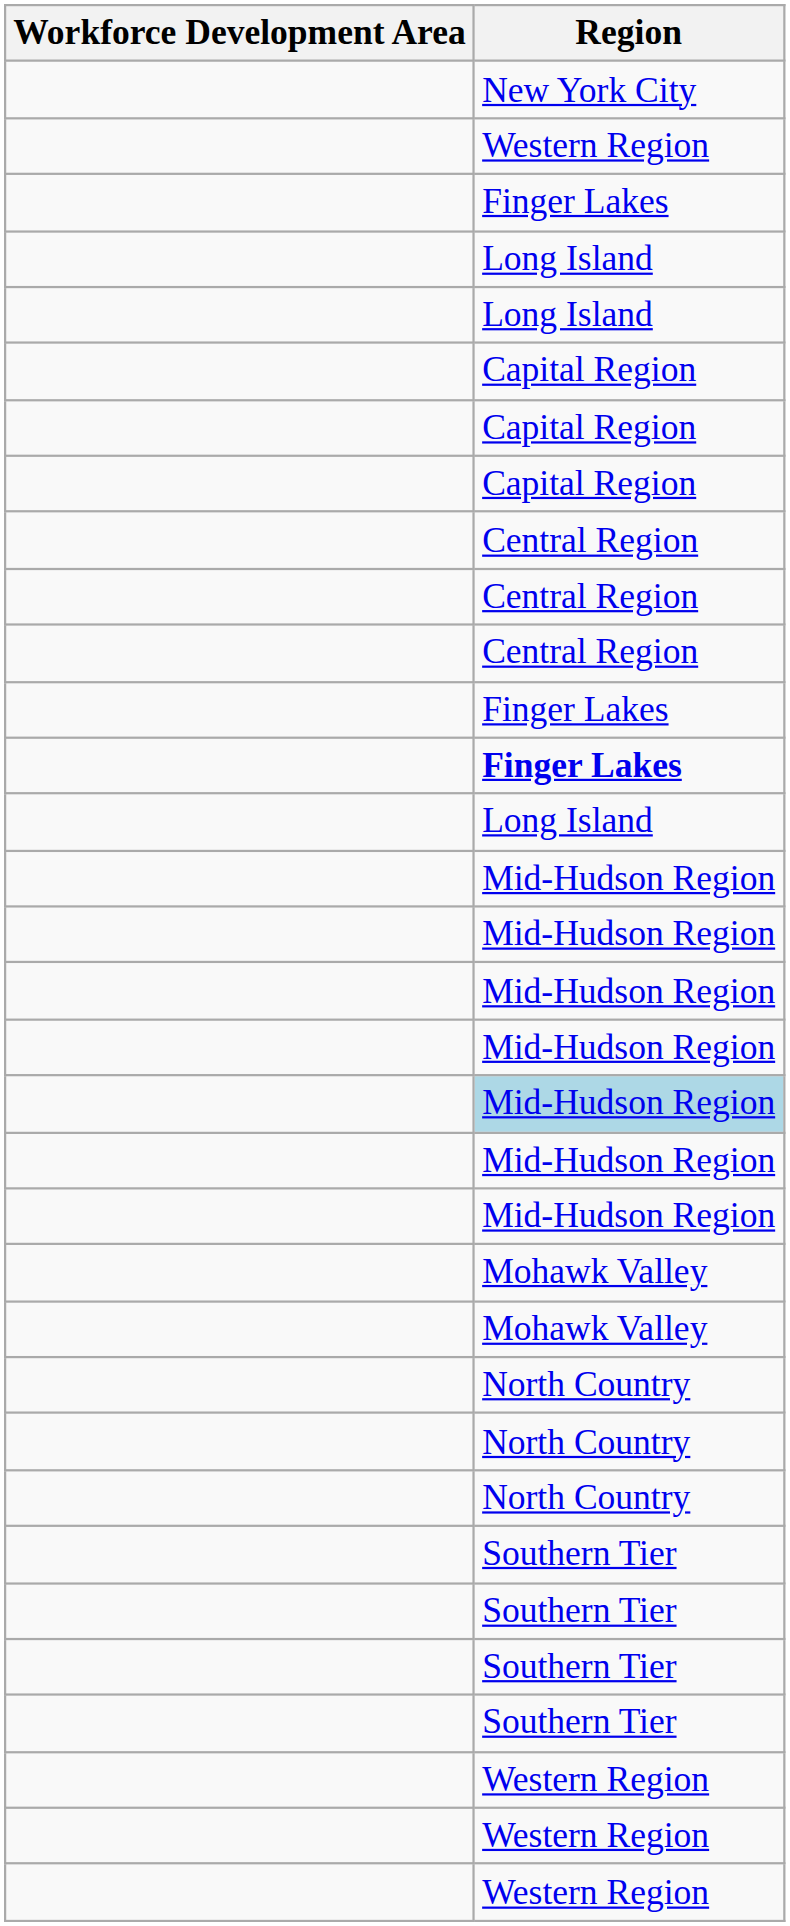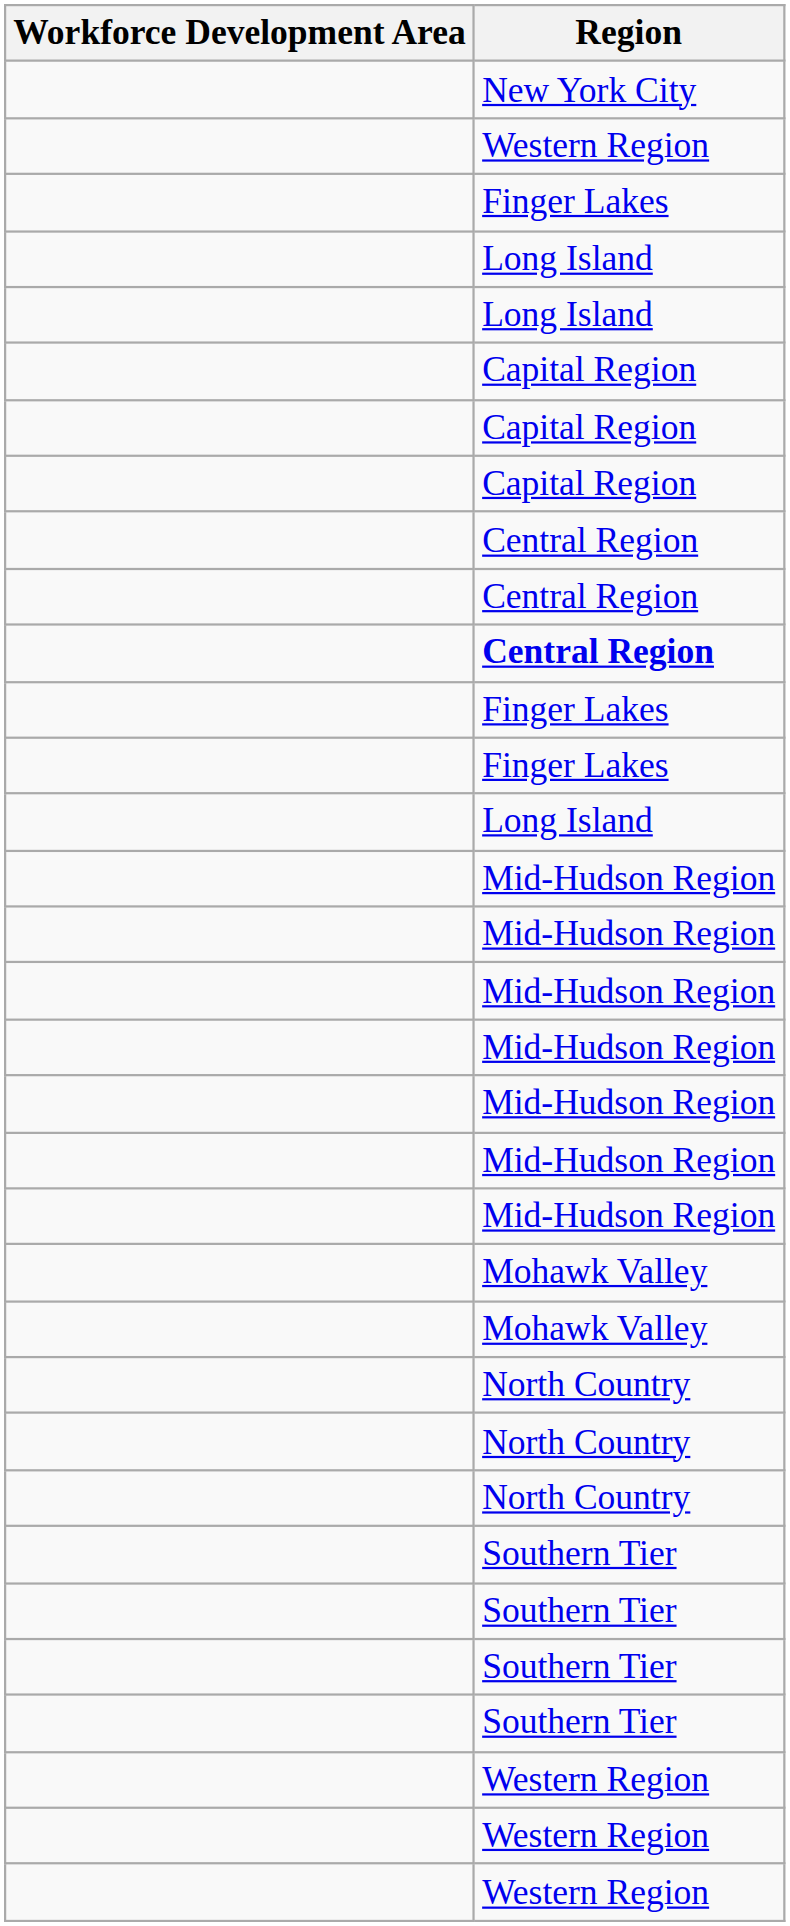 <table class="wikitable mw-collapsible mw-collapsed sortable">
 <tr>
 <th>Workforce Development Area</th>
 <th>Region</th>
 </tr>
 <tr>
 <td></td>
 <td><a href='#'>New York City</a></td>
 </tr>
 <tr>
 <td></td>
 <td><a href='#'>Western Region</a></td>
 </tr>
 <tr>
 <td></td>
 <td><a href='#'>Finger Lakes</a></td>
 </tr>
 <tr>
 <td></td>
 <td><a href='#'>Long Island</a></td>
 </tr>
 <tr>
 <td></td>
 <td><a href='#'>Long Island</a></td>
 </tr>
 <tr>
 <td></td>
 <td><a href='#'>Capital Region</a></td>
 </tr>
 <tr>
 <td></td>
 <td><a href='#'>Capital Region</a></td>
 </tr>
 <tr>
 <td></td>
 <td><a href='#'>Capital Region</a></td>
 </tr>
 <tr>
 <td></td>
 <td><a href='#'>Central Region</a></td>
 </tr>
 <tr>
 <td></td>
 <td><a href='#'>Central Region</a></td>
 </tr>
 <tr>
 <td></td>
-<td><a href='#'>Central Region</a></td>
+<td><strong><a href='#'>Central Region</a></strong></td>
 </tr>
 <tr>
 <td></td>
 <td><a href='#'>Finger Lakes</a></td>
 </tr>
 <tr>
 <td></td>
-<td><strong><a href='#'>Finger Lakes</a></strong></td>
+<td><a href='#'>Finger Lakes</a></td>
 </tr>
 <tr>
 <td></td>
 <td><a href='#'>Long Island</a></td>
 </tr>
 <tr>
 <td></td>
 <td><a href='#'>Mid-Hudson Region</a></td>
 </tr>
 <tr>
 <td></td>
 <td><a href='#'>Mid-Hudson Region</a></td>
 </tr>
 <tr>
 <td></td>
 <td><a href='#'>Mid-Hudson Region</a></td>
 </tr>
 <tr>
 <td></td>
 <td><a href='#'>Mid-Hudson Region</a></td>
 </tr>
 <tr>
 <td></td>
-<td style="background: lightblue;"><a href='#'>Mid-Hudson Region</a></td>
+<td><a href='#'>Mid-Hudson Region</a></td>
 </tr>
 <tr>
 <td></td>
 <td><a href='#'>Mid-Hudson Region</a></td>
 </tr>
 <tr>
 <td></td>
 <td><a href='#'>Mid-Hudson Region</a></td>
 </tr>
 <tr>
 <td></td>
 <td><a href='#'>Mohawk Valley</a></td>
 </tr>
 <tr>
 <td></td>
 <td><a href='#'>Mohawk Valley</a></td>
 </tr>
 <tr>
 <td></td>
 <td><a href='#'>North Country</a></td>
 </tr>
 <tr>
 <td></td>
 <td><a href='#'>North Country</a></td>
 </tr>
 <tr>
 <td></td>
 <td><a href='#'>North Country</a></td>
 </tr>
 <tr>
 <td></td>
 <td><a href='#'>Southern Tier</a></td>
 </tr>
 <tr>
 <td></td>
 <td><a href='#'>Southern Tier</a></td>
 </tr>
 <tr>
 <td></td>
 <td><a href='#'>Southern Tier</a></td>
 </tr>
 <tr>
 <td></td>
 <td><a href='#'>Southern Tier</a></td>
 </tr>
 <tr>
 <td></td>
 <td><a href='#'>Western Region</a></td>
 </tr>
 <tr>
 <td></td>
 <td><a href='#'>Western Region</a></td>
 </tr>
 <tr>
 <td></td>
 <td><a href='#'>Western Region</a></td>
 </tr>
 </table>
